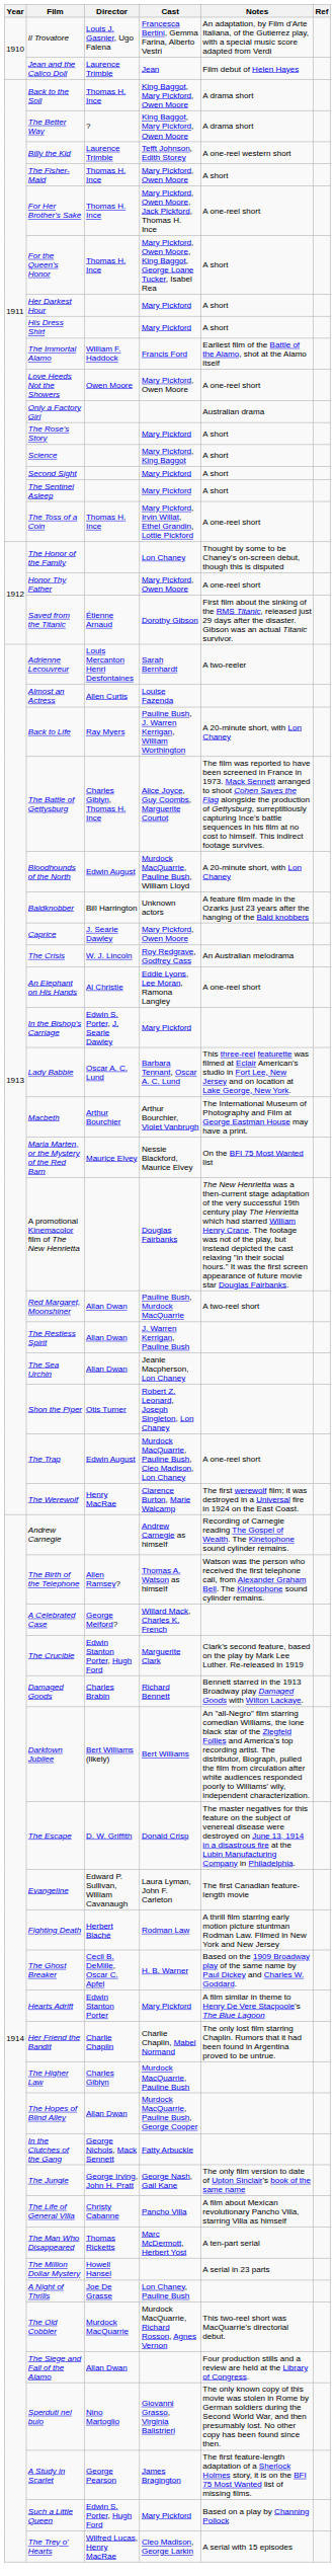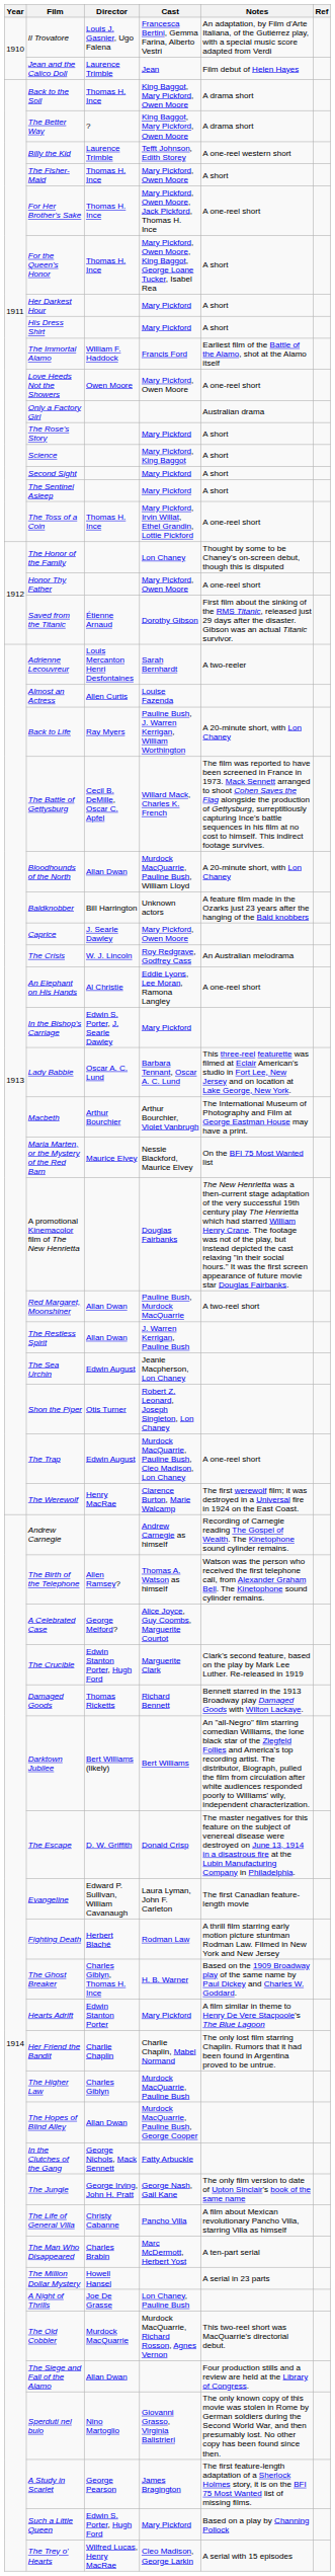 <table class="wikitable sortable" style="font-size:95%">
 <tr>
 <th>Year</th>
 <th>Film</th>
 <th>Director</th>
 <th>Cast</th>
 <th>Notes</th>
 <th class="unsortable">Ref</th>
 </tr>
 <tr id="1910">
 <td rowspan="2">1910</td>
 <td><em>Il Trovatore</em></td>
 <td><a href='#'>Louis J. Gasnier</a>, Ugo Falena</td>
 <td><a href='#'>Francesca Bertini</a>, Gemma Farina, Alberto Vestri</td>
 <td>An adaptation, by Film d'Arte Italiana, of the Gutiérrez play, with a special music score adapted from Verdi</td>
 <td></td>
 </tr>
 <tr>
 <td><em><a href='#'>Jean and the Calico Doll</a></em></td>
 <td><a href='#'>Laurence Trimble</a></td>
 <td><a href='#'>Jean</a></td>
 <td>Film debut of <a href='#'>Helen Hayes</a></td>
 <td></td>
 </tr>
 <tr id="1911">
 <td rowspan="16">1911</td>
 <td><em><a href='#'>Back to the Soil</a></em></td>
 <td><a href='#'>Thomas H. Ince</a></td>
 <td><a href='#'>King Baggot</a>, <a href='#'>Mary Pickford</a>, <a href='#'>Owen Moore</a></td>
 <td>A drama short</td>
 <td></td>
 </tr>
 <tr>
 <td><em><a href='#'>The Better Way</a></em></td>
 <td>?</td>
 <td><a href='#'>King Baggot</a>, <a href='#'>Mary Pickford</a>, <a href='#'>Owen Moore</a></td>
 <td>A drama short</td>
 <td></td>
 </tr>
 <tr>
 <td><em><a href='#'>Billy the Kid</a></em></td>
 <td><a href='#'>Laurence Trimble</a></td>
 <td><a href='#'>Tefft Johnson</a>, <a href='#'>Edith Storey</a></td>
 <td>A one-reel western short</td>
 <td></td>
 </tr>
 <tr>
 <td><em><a href='#'>The Fisher-Maid</a></em></td>
 <td><a href='#'>Thomas H. Ince</a></td>
 <td><a href='#'>Mary Pickford</a>, <a href='#'>Owen Moore</a></td>
 <td>A short</td>
 <td></td>
 </tr>
 <tr>
 <td><em><a href='#'>For Her Brother's Sake</a></em></td>
 <td><a href='#'>Thomas H. Ince</a></td>
 <td><a href='#'>Mary Pickford</a>, <a href='#'>Owen Moore</a>, <a href='#'>Jack Pickford</a>, Thomas H. Ince</td>
 <td>A one-reel short</td>
 <td></td>
 </tr>
 <tr>
 <td><em><a href='#'>For the Queen's Honor</a></em></td>
 <td><a href='#'>Thomas H. Ince</a></td>
 <td><a href='#'>Mary Pickford</a>, <a href='#'>Owen Moore</a>, <a href='#'>King Baggot</a>, <a href='#'>George Loane Tucker</a>, Isabel Rea</td>
 <td>A short</td>
 <td></td>
 </tr>
 <tr>
 <td><em><a href='#'>Her Darkest Hour</a></em></td>
 <td></td>
 <td><a href='#'>Mary Pickford</a></td>
 <td>A short</td>
 <td></td>
 </tr>
 <tr>
 <td><em><a href='#'>His Dress Shirt</a></em></td>
 <td></td>
 <td><a href='#'>Mary Pickford</a></td>
 <td>A short</td>
 <td></td>
 </tr>
 <tr>
 <td><em><a href='#'>The Immortal Alamo</a></em></td>
 <td><a href='#'>William F. Haddock</a></td>
 <td><a href='#'>Francis Ford</a></td>
 <td>Earliest film of the <a href='#'>Battle of the Alamo</a>, shot at the Alamo itself</td>
 <td></td>
 </tr>
 <tr>
 <td><em><a href='#'>Love Heeds Not the Showers</a></em></td>
 <td><a href='#'>Owen Moore</a></td>
 <td><a href='#'>Mary Pickford</a>, Owen Moore</td>
 <td>A one-reel short</td>
 <td></td>
 </tr>
 <tr>
 <td><em><a href='#'>Only a Factory Girl</a></em></td>
 <td></td>
 <td></td>
 <td>Australian drama</td>
 <td></td>
 </tr>
 <tr>
 <td><em><a href='#'>The Rose's Story</a></em></td>
 <td></td>
 <td><a href='#'>Mary Pickford</a></td>
 <td>A short</td>
 <td></td>
 </tr>
 <tr>
 <td><em><a href='#'>Science</a></em></td>
 <td></td>
 <td><a href='#'>Mary Pickford</a>, <a href='#'>King Baggot</a></td>
 <td>A short</td>
 <td></td>
 </tr>
 <tr>
 <td><em><a href='#'>Second Sight</a></em></td>
 <td></td>
 <td><a href='#'>Mary Pickford</a></td>
 <td>A short</td>
 <td></td>
 </tr>
 <tr>
 <td><em><a href='#'>The Sentinel Asleep</a></em></td>
 <td></td>
 <td><a href='#'>Mary Pickford</a></td>
 <td>A short</td>
 <td></td>
 </tr>
 <tr>
 <td><em><a href='#'>The Toss of a Coin</a></em></td>
 <td><a href='#'>Thomas H. Ince</a></td>
 <td><a href='#'>Mary Pickford</a>, <a href='#'>Irvin Willat</a>, <a href='#'>Ethel Grandin</a>, <a href='#'>Lottie Pickford</a></td>
 <td>A one-reel short</td>
 <td></td>
 </tr>
 <tr id="1912">
 <td rowspan="3">1912</td>
 <td><em><a href='#'>The Honor of the Family</a></em></td>
 <td></td>
 <td><a href='#'>Lon Chaney</a></td>
 <td>Thought by some to be Chaney's on-screen debut, though this is disputed</td>
 <td></td>
 </tr>
 <tr>
 <td><em><a href='#'>Honor Thy Father</a></em></td>
 <td></td>
 <td><a href='#'>Mary Pickford</a>, <a href='#'>Owen Moore</a></td>
 <td>A one-reel short</td>
 <td></td>
 </tr>
 <tr>
 <td><em><a href='#'>Saved from the Titanic</a></em></td>
 <td><a href='#'>Étienne Arnaud</a></td>
 <td><a href='#'>Dorothy Gibson</a></td>
 <td>First film about the sinking of the <a href='#'>RMS <em>Titanic</em></a>, released just 29 days after the disaster. Gibson was an actual <em>Titanic</em> survivor.</td>
 <td></td>
 </tr>
 <tr id="1913">
 <td rowspan="20">1913</td>
 <td><em><a href='#'>Adrienne Lecouvreur</a></em></td>
 <td><a href='#'>Louis Mercanton</a><br><a href='#'>Henri Desfontaines</a></td>
 <td><a href='#'>Sarah Bernhardt</a></td>
 <td>A two-reeler</td>
 <td></td>
 </tr>
 <tr>
 <td><em><a href='#'>Almost an Actress</a></em></td>
 <td><a href='#'>Allen Curtis</a></td>
 <td><a href='#'>Louise Fazenda</a></td>
 <td></td>
 <td></td>
 </tr>
 <tr>
 <td><em><a href='#'>Back to Life</a></em></td>
 <td><a href='#'>Ray Myers</a></td>
 <td><a href='#'>Pauline Bush</a>, <a href='#'>J. Warren Kerrigan</a>, <a href='#'>William Worthington</a></td>
 <td>A 20-minute short, with <a href='#'>Lon Chaney</a></td>
 <td></td>
 </tr>
 <tr>
 <td><em><a href='#'>The Battle of Gettysburg</a></em></td>
-<td><a href='#'>Charles Giblyn</a>, <a href='#'>Thomas H. Ince</a></td>
-<td><a href='#'>Alice Joyce</a>, <a href='#'>Guy Coombs</a>, <a href='#'>Marguerite Courtot</a></td>
+<td><a href='#'>Cecil B. DeMille</a>, <a href='#'>Oscar C. Apfel</a></td>
+<td><a href='#'>Willard Mack</a>, <a href='#'>Charles K. French</a></td>
 <td>The film was reported to have been screened in France in 1973. <a href='#'>Mack Sennett</a> arranged to shoot <em><a href='#'>Cohen Saves the Flag</a></em> alongside the production of <em>Gettysburg</em>, surreptitiously capturing Ince's battle sequences in his film at no cost to himself. This indirect footage survives.</td>
 <td></td>
 </tr>
 <tr>
 <td><em><a href='#'>Bloodhounds of the North</a></em></td>
-<td><a href='#'>Edwin August</a></td>
+<td><a href='#'>Allan Dwan</a></td>
 <td><a href='#'>Murdock MacQuarrie</a>, <a href='#'>Pauline Bush</a>, William Lloyd</td>
 <td>A 20-minute short, with <a href='#'>Lon Chaney</a></td>
 <td></td>
 </tr>
 <tr>
 <td><em><a href='#'>Baldknobber</a></em></td>
 <td>Bill Harrington</td>
 <td>Unknown actors</td>
 <td>A feature film made in the Ozarks just 23 years after the hanging of the <a href='#'>Bald knobbers</a></td>
 <td></td>
 </tr>
 <tr>
 <td><em><a href='#'>Caprice</a></em></td>
 <td><a href='#'>J. Searle Dawley</a></td>
 <td><a href='#'>Mary Pickford</a>, <a href='#'>Owen Moore</a></td>
 <td></td>
 <td></td>
 </tr>
 <tr>
 <td><em><a href='#'>The Crisis</a></em></td>
 <td><a href='#'>W. J. Lincoln</a></td>
 <td><a href='#'>Roy Redgrave</a>, <a href='#'>Godfrey Cass</a></td>
 <td>An Australian melodrama</td>
 <td></td>
 </tr>
 <tr>
 <td><em><a href='#'>An Elephant on His Hands</a></em></td>
 <td><a href='#'>Al Christie</a></td>
 <td><a href='#'>Eddie Lyons</a>, <a href='#'>Lee Moran</a>, Ramona Langley</td>
 <td>A one-reel short</td>
 <td></td>
 </tr>
 <tr>
 <td><em><a href='#'>In the Bishop's Carriage</a></em></td>
 <td><a href='#'>Edwin S. Porter</a>, <a href='#'>J. Searle Dawley</a></td>
 <td><a href='#'>Mary Pickford</a></td>
 <td></td>
 <td></td>
 </tr>
 <tr>
 <td><em><a href='#'>Lady Babbie</a></em></td>
 <td><a href='#'>Oscar A. C. Lund</a></td>
 <td><a href='#'>Barbara Tennant</a>, <a href='#'>Oscar A. C. Lund</a></td>
 <td>This <a href='#'>three-reel</a> <a href='#'>featurette</a> was filmed at <a href='#'>Eclair</a> American's studio in <a href='#'>Fort Lee, New Jersey</a> and on location at <a href='#'>Lake George, New York</a>.</td>
 <td></td>
 </tr>
 <tr>
 <td><em><a href='#'>Macbeth</a></em></td>
 <td><a href='#'>Arthur Bourchier</a></td>
 <td>Arthur Bourchier, <a href='#'>Violet Vanbrugh</a></td>
 <td>The International Museum of Photography and Film at <a href='#'>George Eastman House</a> may have a print.</td>
 <td></td>
 </tr>
 <tr>
 <td><em><a href='#'>Maria Marten, or the Mystery of the Red Barn</a></em></td>
 <td><a href='#'>Maurice Elvey</a></td>
 <td>Nessie Blackford, Maurice Elvey</td>
 <td>On the <a href='#'>BFI 75 Most Wanted</a> list</td>
 <td></td>
 </tr>
 <tr>
 <td>A promotional <a href='#'>Kinemacolor</a> film of <em>The New Henrietta</em></td>
 <td></td>
 <td><a href='#'>Douglas Fairbanks</a></td>
 <td><em>The New Henrietta</em> was a then-current stage adaptation of the very successful 19th century play <em>The Henrietta</em> which had starred <a href='#'>William Henry Crane</a>.  The footage was not of the play, but instead depicted the cast relaxing "in their social hours."  It was the first screen appearance of future movie star <a href='#'>Douglas Fairbanks</a>.</td>
 <td></td>
 </tr>
 <tr>
 <td><em><a href='#'>Red Margaret, Moonshiner</a></em></td>
 <td><a href='#'>Allan Dwan</a></td>
 <td><a href='#'>Pauline Bush</a>, <a href='#'>Murdock MacQuarrie</a></td>
 <td>A two-reel short</td>
 <td></td>
 </tr>
 <tr>
 <td><em><a href='#'>The Restless Spirit</a></em></td>
 <td><a href='#'>Allan Dwan</a></td>
 <td><a href='#'>J. Warren Kerrigan</a>, <a href='#'>Pauline Bush</a></td>
 <td></td>
 <td></td>
 </tr>
 <tr>
 <td><em><a href='#'>The Sea Urchin</a></em></td>
-<td><a href='#'>Allan Dwan</a></td>
+<td><a href='#'>Edwin August</a></td>
 <td>Jeanie Macpherson, <a href='#'>Lon Chaney</a></td>
 <td></td>
 <td></td>
 </tr>
 <tr>
 <td><em><a href='#'>Shon the Piper</a></em></td>
 <td><a href='#'>Otis Turner</a></td>
 <td><a href='#'>Robert Z. Leonard</a>, <a href='#'>Joseph Singleton</a>, <a href='#'>Lon Chaney</a></td>
 <td></td>
 <td></td>
 </tr>
 <tr>
 <td><em><a href='#'>The Trap</a></em></td>
 <td><a href='#'>Edwin August</a></td>
 <td><a href='#'>Murdock MacQuarrie</a>, <a href='#'>Pauline Bush</a>, <a href='#'>Cleo Madison</a>, <a href='#'>Lon Chaney</a></td>
 <td>A one-reel short</td>
 <td></td>
 </tr>
 <tr>
 <td><em><a href='#'>The Werewolf</a></em></td>
 <td><a href='#'>Henry MacRae</a></td>
 <td><a href='#'>Clarence Burton</a>, <a href='#'>Marie Walcamp</a></td>
 <td>The first <a href='#'>werewolf</a> film; it was destroyed in a <a href='#'>Universal</a> fire in 1924 on the East Coast.</td>
 <td></td>
 </tr>
 <tr id="1914">
 <td rowspan="26">1914</td>
 <td><em>Andrew Carnegie</em></td>
 <td></td>
 <td><a href='#'>Andrew Carnegie</a> as himself</td>
 <td>Recording of Carnegie reading <a href='#'>The Gospel of Wealth</a>. The <a href='#'>Kinetophone</a> sound cylinder remains.</td>
 <td></td>
 </tr>
 <tr>
 <td><em><a href='#'>The Birth of the Telephone</a></em></td>
 <td><a href='#'>Allen Ramsey</a>?</td>
 <td><a href='#'>Thomas A. Watson</a> as himself</td>
 <td>Watson was the person who received the first telephone call, from <a href='#'>Alexander Graham Bell</a>. The <a href='#'>Kinetophone</a> sound cylinder remains.</td>
 <td></td>
 </tr>
 <tr>
 <td><em><a href='#'>A Celebrated Case</a></em></td>
 <td><a href='#'>George Melford</a>?</td>
-<td><a href='#'>Willard Mack</a>, <a href='#'>Charles K. French</a></td>
+<td><a href='#'>Alice Joyce</a>, <a href='#'>Guy Coombs</a>, <a href='#'>Marguerite Courtot</a></td>
 <td></td>
 <td></td>
 </tr>
 <tr>
 <td><em><a href='#'>The Crucible</a></em></td>
 <td><a href='#'>Edwin Stanton Porter</a>, <a href='#'>Hugh Ford</a></td>
 <td><a href='#'>Marguerite Clark</a></td>
 <td>Clark's second feature, based on the play by Mark Lee Luther. Re-released in 1919</td>
 <td></td>
 </tr>
 <tr>
 <td><em><a href='#'>Damaged Goods</a></em></td>
-<td><a href='#'>Charles Brabin</a></td>
+<td><a href='#'>Thomas Ricketts</a></td>
 <td><a href='#'>Richard Bennett</a></td>
 <td>Bennett starred in the 1913 Broadway play <em><a href='#'>Damaged Goods</a></em> with <a href='#'>Wilton Lackaye</a>.</td>
 <td></td>
 </tr>
 <tr>
 <td><em><a href='#'>Darktown Jubilee</a></em></td>
 <td><a href='#'>Bert Williams</a> (likely)</td>
 <td><a href='#'>Bert Williams</a></td>
 <td>An "all-Negro" film starring comedian Williams, the lone black star of the <a href='#'>Ziegfeld Follies</a> and America's top recording artist.  The distributor, Biograph, pulled the film from circulation after white audiences responded poorly to Williams' wily, independent characterization.</td>
 <td></td>
 </tr>
 <tr>
 <td><em><a href='#'>The Escape</a></em></td>
 <td><a href='#'>D. W. Griffith</a></td>
 <td><a href='#'>Donald Crisp</a></td>
 <td>The master negatives for this feature on the subject of venereal disease were destroyed on <a href='#'>June 13, 1914 in a disastrous fire</a> at the <a href='#'>Lubin Manufacturing Company</a> in <a href='#'>Philadelphia</a>.</td>
 <td></td>
 </tr>
 <tr>
 <td><em><a href='#'>Evangeline</a></em></td>
 <td>Edward P. Sullivan, William Cavanaugh</td>
 <td>Laura Lyman, John F. Carleton</td>
 <td>The first Canadian feature-length movie</td>
 <td></td>
 </tr>
 <tr>
 <td><em><a href='#'>Fighting Death</a></em></td>
 <td><a href='#'>Herbert Blaché</a></td>
 <td><a href='#'>Rodman Law</a></td>
 <td>A thrill film starring early motion picture stuntman Rodman Law. Filmed in New York and New Jersey</td>
 <td></td>
 </tr>
 <tr>
 <td><em><a href='#'>The Ghost Breaker</a></em></td>
-<td><a href='#'>Cecil B. DeMille</a>, <a href='#'>Oscar C. Apfel</a></td>
+<td><a href='#'>Charles Giblyn</a>, <a href='#'>Thomas H. Ince</a></td>
 <td><a href='#'>H. B. Warner</a></td>
 <td>Based on the <a href='#'>1909 Broadway play</a> of the same name by <a href='#'>Paul Dickey</a> and <a href='#'>Charles W. Goddard</a>.</td>
 <td></td>
 </tr>
 <tr>
 <td><em><a href='#'>Hearts Adrift</a></em></td>
 <td><a href='#'>Edwin Stanton Porter</a></td>
 <td><a href='#'>Mary Pickford</a></td>
 <td>A film similar in theme to <a href='#'>Henry De Vere Stacpoole</a>'s <em><a href='#'>The Blue Lagoon</a></em></td>
 <td></td>
 </tr>
 <tr>
 <td><em><a href='#'>Her Friend the Bandit</a></em></td>
 <td><a href='#'>Charlie Chaplin</a></td>
 <td>Charlie Chaplin, <a href='#'>Mabel Normand</a></td>
 <td>The only lost film starring Chaplin. Rumors that it had been found in Argentina proved to be untrue.</td>
 <td></td>
 </tr>
 <tr>
 <td><em><a href='#'>The Higher Law</a></em></td>
 <td><a href='#'>Charles Giblyn</a></td>
 <td><a href='#'>Murdock MacQuarrie</a>, <a href='#'>Pauline Bush</a></td>
 <td></td>
 <td></td>
 </tr>
 <tr>
 <td><em><a href='#'>The Hopes of Blind Alley</a></em></td>
 <td><a href='#'>Allan Dwan</a></td>
 <td><a href='#'>Murdock MacQuarrie</a>, <a href='#'>Pauline Bush</a>, <a href='#'>George Cooper</a></td>
 <td></td>
 <td></td>
 </tr>
 <tr>
 <td><em><a href='#'>In the Clutches of the Gang</a></em></td>
 <td><a href='#'>George Nichols</a>, <a href='#'>Mack Sennett</a></td>
 <td><a href='#'>Fatty Arbuckle</a></td>
 <td></td>
 <td></td>
 </tr>
 <tr>
 <td><em><a href='#'>The Jungle</a></em></td>
 <td><a href='#'>George Irving</a>, <a href='#'>John H. Pratt</a></td>
 <td><a href='#'>George Nash</a>, <a href='#'>Gail Kane</a></td>
 <td>The only film version to date of <a href='#'>Upton Sinclair</a>'s <a href='#'>book of the same name</a></td>
 <td></td>
 </tr>
 <tr>
 <td><em><a href='#'>The Life of General Villa</a></em></td>
 <td><a href='#'>Christy Cabanne</a></td>
 <td><a href='#'>Pancho Villa</a></td>
 <td>A film about Mexican revolutionary Pancho Villa, starring Villa as himself</td>
 <td></td>
 </tr>
 <tr>
 <td><em><a href='#'>The Man Who Disappeared</a></em></td>
-<td><a href='#'>Thomas Ricketts</a></td>
+<td><a href='#'>Charles Brabin</a></td>
 <td><a href='#'>Marc McDermott</a>, <a href='#'>Herbert Yost</a></td>
 <td>A ten-part serial</td>
 <td></td>
 </tr>
 <tr>
 <td><em><a href='#'>The Million Dollar Mystery</a></em></td>
 <td><a href='#'>Howell Hansel</a></td>
 <td></td>
 <td>A serial in 23 parts</td>
 <td></td>
 </tr>
 <tr>
 <td><em><a href='#'>A Night of Thrills</a></em></td>
 <td><a href='#'>Joe De Grasse</a></td>
 <td><a href='#'>Lon Chaney</a>, <a href='#'>Pauline Bush</a></td>
 <td></td>
 <td></td>
 </tr>
 <tr>
 <td><em><a href='#'>The Old Cobbler</a></em></td>
 <td><a href='#'>Murdock MacQuarrie</a></td>
 <td>Murdock MacQuarrie, <a href='#'>Richard Rosson</a>, <a href='#'>Agnes Vernon</a></td>
 <td>This two-reel short was MacQuarrie's directorial debut.</td>
 <td></td>
 </tr>
 <tr>
 <td><em><a href='#'>The Siege and Fall of the Alamo</a></em></td>
 <td><a href='#'>Allan Dwan</a></td>
 <td></td>
 <td>Four production stills and a review are held at the <a href='#'>Library of Congress</a>.</td>
 <td></td>
 </tr>
 <tr>
 <td><em><a href='#'>Sperduti nel buio</a></em></td>
 <td><a href='#'>Nino Martoglio</a></td>
 <td><a href='#'>Giovanni Grasso</a>, <a href='#'>Virginia Balistrieri</a></td>
 <td>The only known copy of this movie was stolen in Rome by German soldiers during the Second World War, and then presumably lost. No other copy has been found since then.</td>
 <td></td>
 </tr>
 <tr>
 <td><em><a href='#'>A Study in Scarlet</a></em></td>
 <td><a href='#'>George Pearson</a></td>
 <td><a href='#'>James Bragington</a></td>
 <td>The first feature-length adaptation of a <a href='#'>Sherlock Holmes</a> story, it is on the <a href='#'>BFI 75 Most Wanted</a> list of missing films.</td>
 <td></td>
 </tr>
 <tr>
 <td><em><a href='#'>Such a Little Queen</a></em></td>
 <td><a href='#'>Edwin S. Porter</a>, <a href='#'>Hugh Ford</a></td>
 <td><a href='#'>Mary Pickford</a></td>
 <td>Based on a play by <a href='#'>Channing Pollock</a></td>
 <td></td>
 </tr>
 <tr>
 <td><em><a href='#'>The Trey o' Hearts</a></em></td>
 <td><a href='#'>Wilfred Lucas</a>, <a href='#'>Henry MacRae</a></td>
 <td><a href='#'>Cleo Madison</a>, <a href='#'>George Larkin</a></td>
 <td>A serial with 15 episodes</td>
 <td></td>
 </tr>
 </table>
